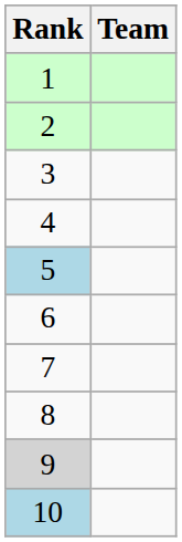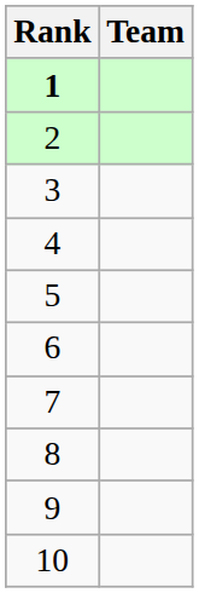 <table class=wikitable style="text-align: center;">
 <tr>
 <th>Rank</th>
 <th>Team</th>
 </tr>
 <tr style="background: #CCFFCC;">
-<td>1</td>
+<td><strong>1</strong></td>
 <td style="text-align: left;"><strong></strong></td>
 </tr>
 <tr style="background: #CCFFCC;">
 <td>2</td>
 <td style="text-align: left;"><strong></strong></td>
 </tr>
 <tr>
 <td>3</td>
 <td style="text-align: left;"></td>
 </tr>
 <tr>
 <td>4</td>
 <td style="text-align: left;"></td>
 </tr>
 <tr>
-<td style="background: lightblue;">5</td>
+<td>5</td>
 <td style="text-align: left;"></td>
 </tr>
 <tr>
 <td>6</td>
 <td style="text-align: left;"></td>
 </tr>
 <tr>
 <td>7</td>
 <td style="text-align: left;"></td>
 </tr>
 <tr>
 <td>8</td>
 <td style="text-align: left;"></td>
 </tr>
 <tr>
-<td style="background: lightgrey;">9</td>
+<td>9</td>
 <td style="text-align: left;"></td>
 </tr>
 <tr>
-<td style="background: lightblue;">10</td>
+<td>10</td>
 <td style="text-align: left;"></td>
 </tr>
 </table>
